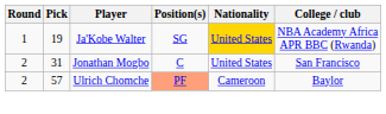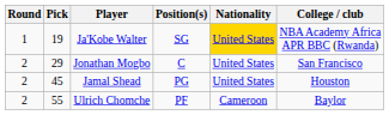 <table class="wikitable sortable sortable">
 <tr>
 <th>Round</th>
 <th>Pick</th>
 <th>Player</th>
 <th>Position(s)</th>
 <th>Nationality</th>
 <th>College / club</th>
 </tr>
 <tr style="text-align: center">
 <td>1</td>
 <td>19</td>
 <td><a href='#'>Ja'Kobe Walter</a></td>
 <td><a href='#'>SG</a></td>
 <td style="background: gold;"> <a href='#'>United States</a></td>
 <td><a href='#'>NBA Academy Africa</a><br><a href='#'>APR BBC</a> (<a href='#'>Rwanda</a>)</td>
 </tr>
 <tr style="text-align: center">
 <td>2</td>
-<td>31</td>
+<td>29</td>
 <td><a href='#'>Jonathan Mogbo</a></td>
 <td><a href='#'>C</a></td>
 <td> <a href='#'>United States</a></td>
 <td><a href='#'>San Francisco</a></td>
 </tr>
 <tr style="text-align: center">
 <td>2</td>
-<td>57</td>
+<td>45</td>
+<td><a href='#'>Jamal Shead</a></td>
+<td><a href='#'>PG</a></td>
+<td> <a href='#'>United States</a></td>
+<td><a href='#'>Houston</a></td>
+</tr>
+<tr style="text-align: center">
+<td>2</td>
+<td>55</td>
 <td><a href='#'>Ulrich Chomche</a></td>
-<td style="background: lightsalmon;"><a href='#'>PF</a></td>
+<td><a href='#'>PF</a></td>
 <td> <a href='#'>Cameroon</a></td>
 <td><a href='#'>Baylor</a></td>
 </tr>
 </table>
